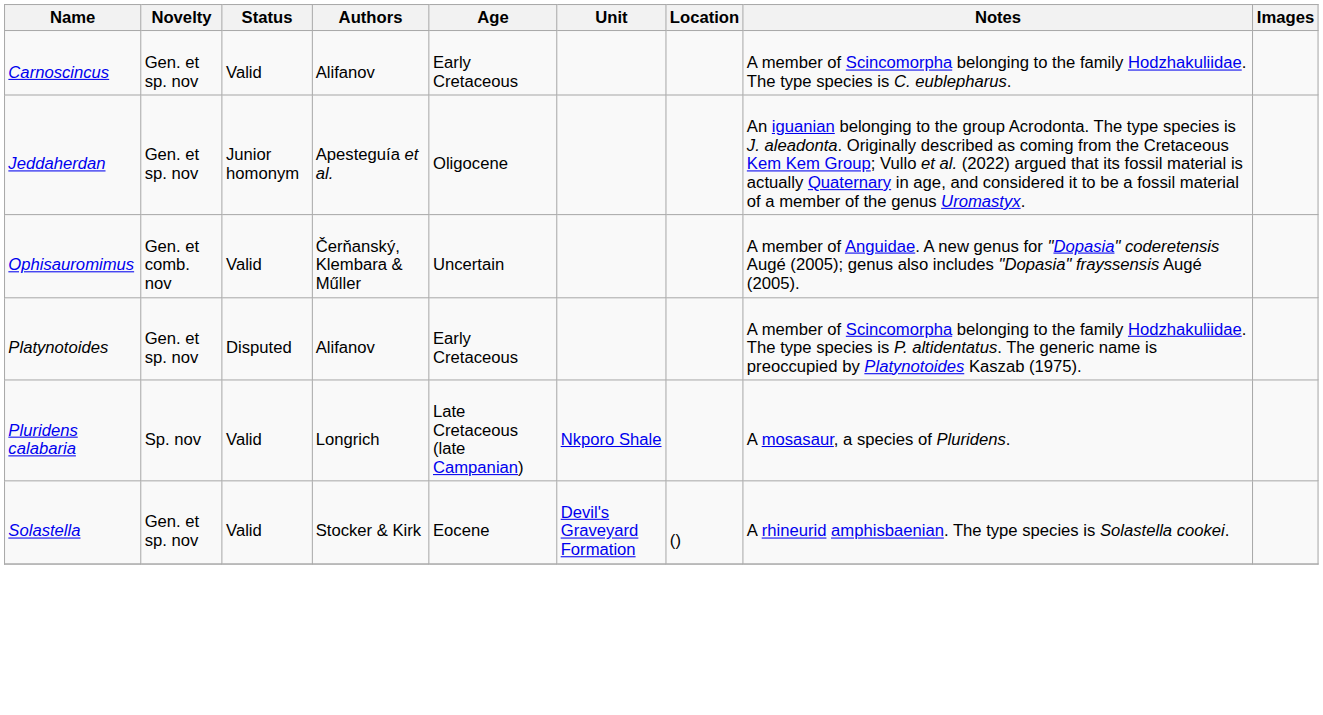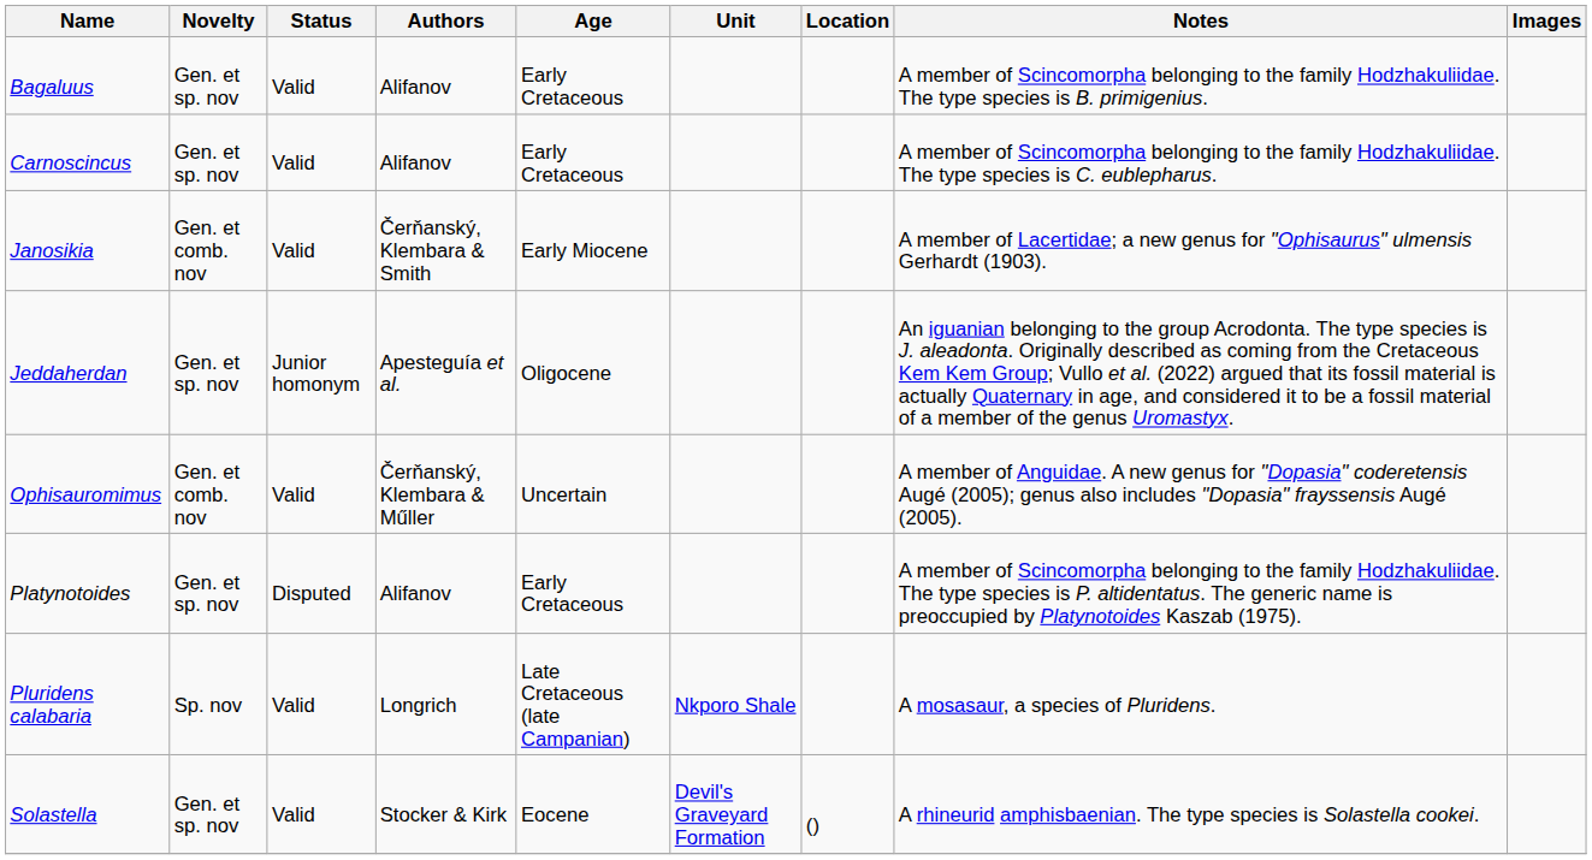 <table class="wikitable sortable" align="center" width="100%">
 <tr>
 <th>Name</th>
 <th>Novelty</th>
 <th>Status</th>
 <th>Authors</th>
 <th>Age</th>
 <th>Unit</th>
 <th>Location</th>
 <th>Notes</th>
 <th>Images</th>
 </tr>
 <tr>
+<td><br><em><a href='#'>Bagaluus</a></em></td>
+<td><br>Gen. et sp. nov</td>
+<td><br>Valid</td>
+<td><br>Alifanov</td>
+<td><br>Early Cretaceous</td>
+<td></td>
+<td><br></td>
+<td><br>A member of <a href='#'>Scincomorpha</a> belonging to the family <a href='#'>Hodzhakuliidae</a>. The type species is <em>B. primigenius</em>.</td>
+<td></td>
+</tr>
+<tr>
 <td><br><em><a href='#'>Carnoscincus</a></em></td>
 <td><br>Gen. et sp. nov</td>
 <td><br>Valid</td>
 <td><br>Alifanov</td>
 <td><br>Early Cretaceous</td>
 <td></td>
 <td><br></td>
 <td><br>A member of <a href='#'>Scincomorpha</a> belonging to the family <a href='#'>Hodzhakuliidae</a>. The type species is <em>C. eublepharus</em>.</td>
+<td></td>
+</tr>
+<tr>
+<td><br><em><a href='#'>Janosikia</a></em></td>
+<td><br>Gen. et comb. nov</td>
+<td><br>Valid</td>
+<td><br>Čerňanský, Klembara & Smith</td>
+<td><br>Early Miocene</td>
+<td></td>
+<td><br></td>
+<td><br>A member of <a href='#'>Lacertidae</a>; a new genus for <em>"<a href='#'>Ophisaurus</a>" ulmensis</em> Gerhardt (1903).</td>
 <td></td>
 </tr>
 <tr>
 <td><br><em><a href='#'>Jeddaherdan</a></em></td>
 <td><br>Gen. et sp. nov</td>
 <td><br>Junior homonym</td>
 <td><br>Apesteguía <em>et al.</em></td>
 <td><br>Oligocene</td>
 <td></td>
 <td><br></td>
 <td><br>An <a href='#'>iguanian</a> belonging to the group Acrodonta. The type species is <em>J. aleadonta</em>. Originally described as coming from the Cretaceous <a href='#'>Kem Kem Group</a>; Vullo <em>et al.</em> (2022) argued that its fossil material is actually <a href='#'>Quaternary</a> in age, and considered it to be a fossil material of a member of the genus <em><a href='#'>Uromastyx</a></em>.</td>
 <td></td>
 </tr>
 <tr>
 <td><br><em><a href='#'>Ophisauromimus</a></em></td>
 <td><br>Gen. et comb. nov</td>
 <td><br>Valid</td>
 <td><br>Čerňanský, Klembara & Műller</td>
 <td><br>Uncertain</td>
 <td></td>
 <td><br><br> </td>
 <td><br>A member of <a href='#'>Anguidae</a>. A new genus for <em>"<a href='#'>Dopasia</a>" coderetensis</em> Augé (2005); genus also includes <em>"Dopasia" frayssensis</em> Augé (2005).</td>
 <td></td>
 </tr>
 <tr>
 <td><br><em>Platynotoides</em></td>
 <td><br>Gen. et sp. nov</td>
 <td><br>Disputed</td>
 <td><br>Alifanov</td>
 <td><br>Early Cretaceous</td>
 <td></td>
 <td><br></td>
 <td><br>A member of <a href='#'>Scincomorpha</a> belonging to the family <a href='#'>Hodzhakuliidae</a>. The type species is <em>P. altidentatus</em>. The generic name is preoccupied by <em><a href='#'>Platynotoides</a></em> Kaszab (1975).</td>
 <td></td>
 </tr>
 <tr>
 <td><br><em><a href='#'>Pluridens calabaria</a></em></td>
 <td><br>Sp. nov</td>
 <td><br>Valid</td>
 <td><br>Longrich</td>
 <td><br>Late Cretaceous (late <a href='#'>Campanian</a>)</td>
 <td><br><a href='#'>Nkporo Shale</a></td>
 <td><br></td>
 <td><br>A <a href='#'>mosasaur</a>, a species of <em>Pluridens</em>.</td>
 <td></td>
 </tr>
 <tr>
 <td><br><em><a href='#'>Solastella</a></em></td>
 <td><br>Gen. et sp. nov</td>
 <td><br>Valid</td>
 <td><br>Stocker & Kirk</td>
 <td><br>Eocene</td>
 <td><br><a href='#'>Devil's Graveyard Formation</a></td>
 <td><br><br>()</td>
 <td><br>A <a href='#'>rhineurid</a> <a href='#'>amphisbaenian</a>. The type species is <em>Solastella cookei</em>.</td>
 <td></td>
 </tr>
 <tr>
 </tr>
 </table>
